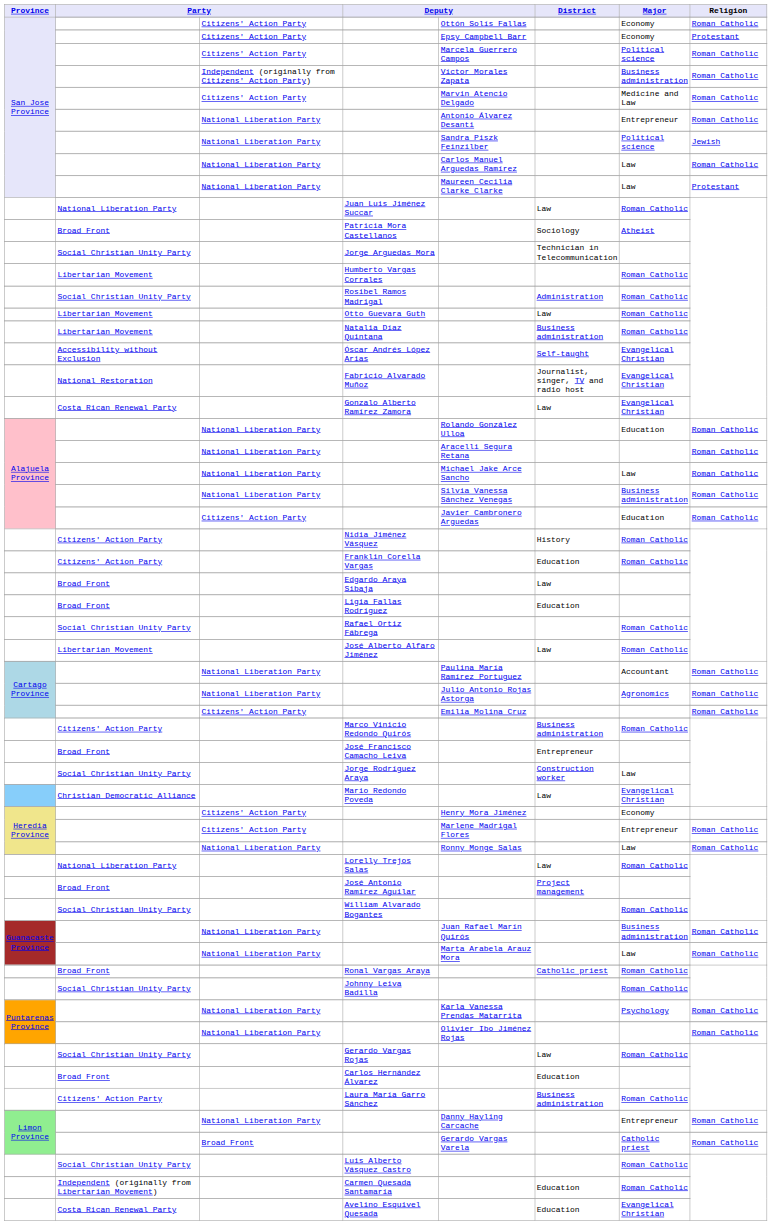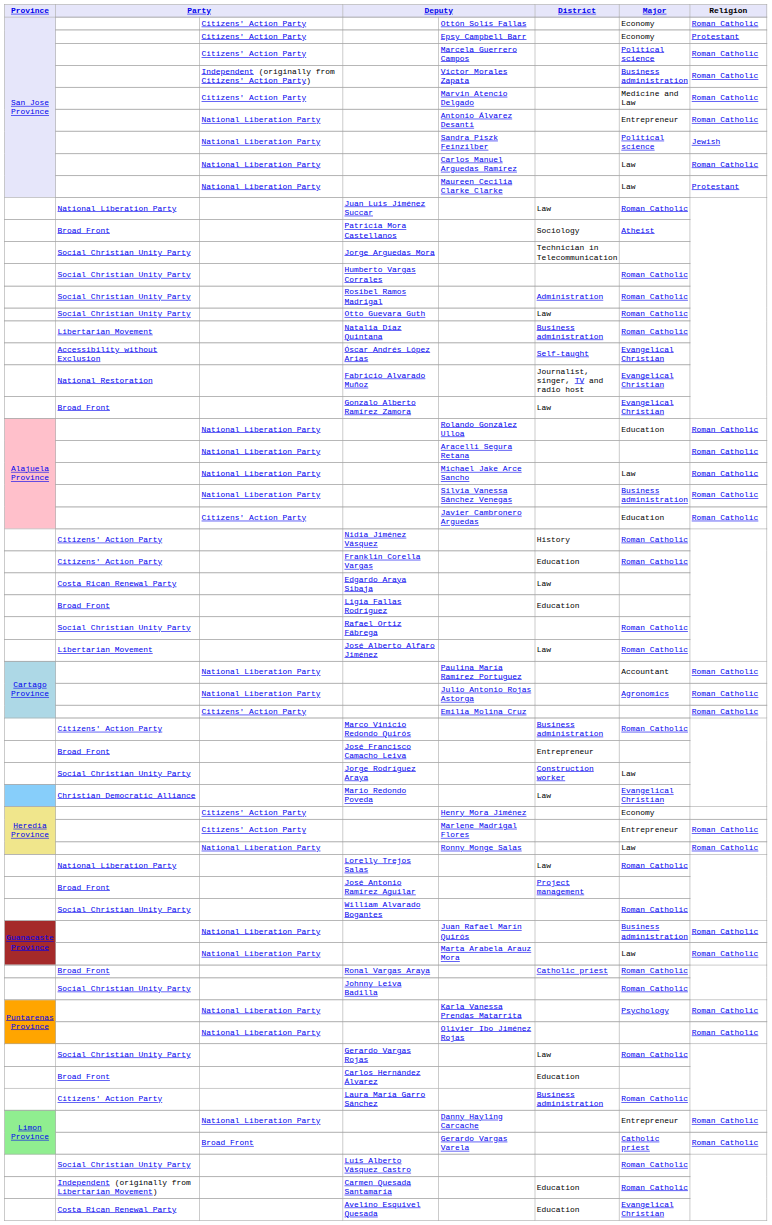 <table border="0" style="background:#ffffff" align="top" class="sortable wikitable">
 <tr>
 <th width="60 px" style="background:Lavender; color:Black"><a href='#'>Province</a></th>
 <th colspan="2"  width="60 px" style="background:Lavender; color:Black"><a href='#'>Party</a></th>
 <th colspan="2" width="60 px" style ="background:Lavender; color:Black"><a href='#'>Deputy</a></th>
 <th width="60 px" style="background:Lavender; color:Black"><a href='#'>District</a></th>
 <th width="100 px" style="background:Lavender; color:Black"><a href='#'>Major</a> </th>
 <th width="120 px" style="background:Lavender; color:Black">Religion</th>
 </tr>
 <tr style="background-color:Lavender">
 <td rowspan="20"  height="16" align="center"><a href='#'>San Jose Province</a><br> </td>
 </tr>
 <tr>
 </tr>
 <tr>
 <td style="background-color:"> </td>
 <td><a href='#'>Citizens' Action Party</a></td>
 <td></td>
 <td><a href='#'>Ottón Solís Fallas</a></td>
 <td></td>
 <td>Economy</td>
 <td><a href='#'>Roman Catholic</a></td>
 </tr>
 <tr>
 </tr>
 <tr>
 <td style="background-color:"> </td>
 <td><a href='#'>Citizens' Action Party</a></td>
 <td></td>
 <td><a href='#'>Epsy Campbell Barr</a></td>
 <td></td>
 <td>Economy</td>
 <td><a href='#'>Protestant</a></td>
 </tr>
 <tr>
 </tr>
 <tr>
 <td style="background-color:"> </td>
 <td><a href='#'>Citizens' Action Party</a></td>
 <td></td>
 <td><a href='#'>Marcela Guerrero Campos</a></td>
 <td></td>
 <td><a href='#'>Political science</a></td>
 <td><a href='#'>Roman Catholic</a></td>
 </tr>
 <tr>
 </tr>
 <tr>
 <td style="background-color:"> </td>
 <td><a href='#'>Independent</a> (originally from <a href='#'>Citizens' Action Party</a>)</td>
 <td></td>
 <td><a href='#'>Víctor Morales Zapata</a></td>
 <td></td>
 <td><a href='#'>Business administration</a></td>
 <td><a href='#'>Roman Catholic</a></td>
 </tr>
 <tr>
 </tr>
 <tr>
 <td style="background-color:"> </td>
 <td><a href='#'>Citizens' Action Party</a></td>
 <td></td>
 <td><a href='#'>Marvin Atencio Delgado</a></td>
 <td></td>
 <td>Medicine and Law</td>
 <td><a href='#'>Roman Catholic</a></td>
 </tr>
 <tr>
 </tr>
 <tr>
 <td style="background-color:"> </td>
 <td><a href='#'>National Liberation Party</a></td>
 <td></td>
 <td><a href='#'>Antonio Álvarez Desanti</a></td>
 <td></td>
 <td>Entrepreneur</td>
 <td><a href='#'>Roman Catholic</a></td>
 </tr>
 <tr>
 </tr>
 <tr>
 <td style="background-color:"> </td>
 <td><a href='#'>National Liberation Party</a></td>
 <td></td>
 <td><a href='#'>Sandra Piszk Feinzilber</a></td>
 <td></td>
 <td><a href='#'>Political science</a></td>
 <td><a href='#'>Jewish</a></td>
 </tr>
 <tr>
 </tr>
 <tr>
 <td style="background-color:"> </td>
 <td><a href='#'>National Liberation Party</a></td>
 <td></td>
 <td><a href='#'>Carlos Manuel Arguedas Ramírez</a></td>
 <td></td>
 <td>Law</td>
 <td><a href='#'>Roman Catholic</a></td>
 </tr>
 <tr>
 </tr>
 <tr>
 <td style="background-color:"> </td>
 <td><a href='#'>National Liberation Party</a></td>
 <td></td>
 <td><a href='#'>Maureen Cecilia Clarke Clarke</a></td>
 <td></td>
 <td>Law</td>
 <td><a href='#'>Protestant</a></td>
 </tr>
 <tr>
 </tr>
 <tr>
 <td style="background-color:"> </td>
 <td><a href='#'>National Liberation Party</a></td>
 <td></td>
 <td><a href='#'>Juan Luis Jiménez Succar</a></td>
 <td></td>
 <td>Law</td>
 <td><a href='#'>Roman Catholic</a></td>
 </tr>
 <tr>
 </tr>
 <tr>
 <td style="background-color:"> </td>
 <td><a href='#'>Broad Front</a></td>
 <td></td>
 <td><a href='#'>Patricia Mora Castellanos</a></td>
 <td></td>
 <td>Sociology</td>
 <td><a href='#'>Atheist</a></td>
 </tr>
 <tr>
 </tr>
 <tr>
 <td style="background-color:"> </td>
 <td><a href='#'>Social Christian Unity Party</a></td>
 <td></td>
 <td><a href='#'>Jorge Arguedas Mora</a></td>
 <td></td>
 <td>Technician in Telecommunication</td>
 <td></td>
 </tr>
 <tr>
 </tr>
 <tr>
 <td style="background-color:"> </td>
-<td><a href='#'>Libertarian Movement</a></td>
+<td><a href='#'>Social Christian Unity Party</a></td>
 <td></td>
 <td><a href='#'>Humberto Vargas Corrales</a></td>
 <td></td>
 <td></td>
 <td><a href='#'>Roman Catholic</a></td>
 </tr>
 <tr>
 </tr>
 <tr>
 <td style="background-color:"> </td>
 <td><a href='#'>Social Christian Unity Party</a></td>
 <td></td>
 <td><a href='#'>Rosibel Ramos Madrigal</a></td>
 <td></td>
 <td><a href='#'>Administration</a></td>
 <td><a href='#'>Roman Catholic</a></td>
 </tr>
 <tr>
 </tr>
 <tr>
 <td style="background-color:"> </td>
-<td><a href='#'>Libertarian Movement</a></td>
+<td><a href='#'>Social Christian Unity Party</a></td>
 <td></td>
 <td><a href='#'>Otto Guevara Guth</a></td>
 <td></td>
 <td>Law</td>
 <td><a href='#'>Roman Catholic</a></td>
 </tr>
 <tr>
 </tr>
 <tr>
 <td style="background-color:"> </td>
 <td><a href='#'>Libertarian Movement</a></td>
 <td></td>
 <td><a href='#'>Natalia Díaz Quintana</a></td>
 <td></td>
 <td><a href='#'>Business administration</a></td>
 <td><a href='#'>Roman Catholic</a></td>
 </tr>
 <tr>
 </tr>
 <tr>
 <td style="background-color:"> </td>
 <td><a href='#'>Accessibility without Exclusion</a></td>
 <td></td>
 <td><a href='#'>Óscar Andrés López Arias</a></td>
 <td></td>
 <td><a href='#'>Self-taught</a></td>
 <td><a href='#'>Evangelical Christian</a></td>
 </tr>
 <tr>
 </tr>
 <tr>
 <td style="background-color:"> </td>
 <td><a href='#'>National Restoration</a></td>
 <td></td>
 <td><a href='#'>Fabricio Alvarado Muñoz</a></td>
 <td></td>
 <td>Journalist, singer, <a href='#'>TV</a> and radio host</td>
 <td><a href='#'>Evangelical Christian</a></td>
 </tr>
 <tr>
 </tr>
 <tr>
 <td style="background-color:"> </td>
-<td><a href='#'>Costa Rican Renewal Party</a></td>
+<td><a href='#'>Broad Front</a></td>
 <td></td>
 <td><a href='#'>Gonzalo Alberto Ramírez Zamora</a></td>
 <td></td>
 <td>Law</td>
 <td><a href='#'>Evangelical Christian</a></td>
 </tr>
 <tr>
 </tr>
 <tr style="background-color:pink">
 <td rowspan="12"  height="15" align="center"><a href='#'>Alajuela Province</a><br></td>
 </tr>
 <tr>
 </tr>
 <tr>
 <td style="background-color:"> </td>
 <td><a href='#'>National Liberation Party</a></td>
 <td></td>
 <td><a href='#'>Rolando González Ulloa</a></td>
 <td></td>
 <td>Education</td>
 <td><a href='#'>Roman Catholic</a></td>
 </tr>
 <tr>
 </tr>
 <tr>
 <td style="background-color:"> </td>
 <td><a href='#'>National Liberation Party</a></td>
 <td></td>
 <td><a href='#'>Aracelli Segura Retana</a></td>
 <td></td>
 <td></td>
 <td><a href='#'>Roman Catholic</a></td>
 </tr>
 <tr>
 </tr>
 <tr>
 <td style="background-color:"> </td>
 <td><a href='#'>National Liberation Party</a></td>
 <td></td>
 <td><a href='#'>Michael Jake Arce Sancho</a></td>
 <td></td>
 <td>Law</td>
 <td><a href='#'>Roman Catholic</a></td>
 </tr>
 <tr>
 </tr>
 <tr>
 <td style="background-color:"> </td>
 <td><a href='#'>National Liberation Party</a></td>
 <td></td>
 <td><a href='#'>Silvia Vanessa Sánchez Venegas</a></td>
 <td></td>
 <td><a href='#'>Business administration</a></td>
 <td><a href='#'>Roman Catholic</a></td>
 </tr>
 <tr>
 </tr>
 <tr>
 <td style="background-color:"> </td>
 <td><a href='#'>Citizens' Action Party</a></td>
 <td></td>
 <td><a href='#'>Javier Cambronero Arguedas</a></td>
 <td></td>
 <td>Education</td>
 <td><a href='#'>Roman Catholic</a></td>
 </tr>
 <tr>
 </tr>
 <tr>
 <td style="background-color:"> </td>
 <td><a href='#'>Citizens' Action Party</a></td>
 <td></td>
 <td><a href='#'>Nidia Jiménez Vásquez</a></td>
 <td></td>
 <td>History</td>
 <td><a href='#'>Roman Catholic</a></td>
 </tr>
 <tr>
 </tr>
 <tr>
 <td style="background-color:"> </td>
 <td><a href='#'>Citizens' Action Party</a></td>
 <td></td>
 <td><a href='#'>Franklin Corella Vargas</a></td>
 <td></td>
 <td>Education</td>
 <td><a href='#'>Roman Catholic</a></td>
 </tr>
 <tr>
 </tr>
 <tr>
 <td style="background-color:"> </td>
-<td><a href='#'>Broad Front</a></td>
+<td><a href='#'>Costa Rican Renewal Party</a></td>
 <td></td>
 <td><a href='#'>Edgardo Araya Sibaja</a></td>
 <td></td>
 <td>Law</td>
 <td></td>
 </tr>
 <tr>
 </tr>
 <tr>
 <td style="background-color:"> </td>
 <td><a href='#'>Broad Front</a></td>
 <td></td>
 <td><a href='#'>Ligia Fallas Rodríguez</a></td>
 <td></td>
 <td>Education</td>
 <td></td>
 </tr>
 <tr>
 </tr>
 <tr>
 <td style="background-color:"> </td>
 <td><a href='#'>Social Christian Unity Party</a></td>
 <td></td>
 <td><a href='#'>Rafael Ortiz Fábrega</a></td>
 <td></td>
 <td></td>
 <td><a href='#'>Roman Catholic</a></td>
 </tr>
 <tr>
 </tr>
 <tr>
 <td style="background-color:"> </td>
 <td><a href='#'>Libertarian Movement</a></td>
 <td></td>
 <td><a href='#'>José Alberto Alfaro Jiménez</a></td>
 <td></td>
 <td>Law</td>
 <td><a href='#'>Roman Catholic</a></td>
 </tr>
 <tr>
 </tr>
 <tr style="background-color:lightblue">
 <td rowspan="8"  height="8" align="center"><a href='#'>Cartago Province</a><br></td>
 </tr>
 <tr>
 </tr>
 <tr>
 <td style="background-color:"> </td>
 <td><a href='#'>National Liberation Party</a></td>
 <td></td>
 <td><a href='#'>Paulina María Ramírez Portuguez</a></td>
 <td></td>
 <td>Accountant</td>
 <td><a href='#'>Roman Catholic</a></td>
 </tr>
 <tr>
 </tr>
 <tr>
 <td style="background-color:"> </td>
 <td><a href='#'>National Liberation Party</a></td>
 <td></td>
 <td><a href='#'>Julio Antonio Rojas Astorga</a></td>
 <td></td>
 <td><a href='#'>Agronomics</a></td>
 <td><a href='#'>Roman Catholic</a></td>
 </tr>
 <tr>
 </tr>
 <tr>
 <td style="background-color:"> </td>
 <td><a href='#'>Citizens' Action Party</a></td>
 <td></td>
 <td><a href='#'>Emilia Molina Cruz</a></td>
 <td></td>
 <td></td>
 <td><a href='#'>Roman Catholic</a></td>
 </tr>
 <tr>
 </tr>
 <tr>
 <td style="background-color:"> </td>
 <td><a href='#'>Citizens' Action Party</a></td>
 <td></td>
 <td><a href='#'>Marco Vinicio Redondo Quirós</a></td>
 <td></td>
 <td><a href='#'>Business administration</a></td>
 <td><a href='#'>Roman Catholic</a></td>
 </tr>
 <tr>
 </tr>
 <tr>
 <td style="background-color:"> </td>
 <td><a href='#'>Broad Front</a></td>
 <td></td>
 <td><a href='#'>José Francisco Camacho Leiva</a></td>
 <td></td>
 <td>Entrepreneur</td>
 <td></td>
 </tr>
 <tr>
 </tr>
 <tr>
 <td style="background-color:"> </td>
 <td><a href='#'>Social Christian Unity Party</a></td>
 <td></td>
 <td><a href='#'>Jorge Rodríguez Araya</a></td>
 <td></td>
 <td><a href='#'>Construction worker</a></td>
 <td>Law</td>
 </tr>
 <tr>
 </tr>
 <tr>
 <td style="background-color:#87CEFA"> </td>
 <td><a href='#'>Christian Democratic Alliance</a></td>
 <td></td>
 <td><a href='#'>Mario Redondo Poveda</a></td>
 <td></td>
 <td>Law</td>
 <td><a href='#'>Evangelical Christian</a></td>
 </tr>
 <tr>
 </tr>
 <tr style="background-color:#F0E68C">
 <td rowspan="7"  height="8" align="center"><a href='#'>Heredia Province</a><br></td>
 </tr>
 <tr>
 </tr>
 <tr>
 <td style="background-color:"> </td>
 <td><a href='#'>Citizens' Action Party</a></td>
 <td></td>
 <td><a href='#'>Henry Mora Jiménez</a></td>
 <td></td>
 <td>Economy</td>
 <td></td>
 </tr>
 <tr>
 </tr>
 <tr>
 <td style="background-color:"> </td>
 <td><a href='#'>Citizens' Action Party</a></td>
 <td></td>
 <td><a href='#'>Marlene Madrigal Flores</a></td>
 <td></td>
 <td>Entrepreneur</td>
 <td><a href='#'>Roman Catholic</a></td>
 </tr>
 <tr>
 </tr>
 <tr>
 <td style="background-color:"> </td>
 <td><a href='#'>National Liberation Party</a></td>
 <td></td>
 <td><a href='#'>Ronny Monge Salas</a></td>
 <td></td>
 <td>Law</td>
 <td><a href='#'>Roman Catholic</a></td>
 </tr>
 <tr>
 </tr>
 <tr>
 <td style="background-color:"> </td>
 <td><a href='#'>National Liberation Party</a></td>
 <td></td>
 <td><a href='#'>Lorelly Trejos Salas</a></td>
 <td></td>
 <td>Law</td>
 <td><a href='#'>Roman Catholic</a></td>
 </tr>
 <tr>
 </tr>
 <tr>
 <td style="background-color:"> </td>
 <td><a href='#'>Broad Front</a></td>
 <td></td>
 <td><a href='#'>José Antonio Ramírez Aguilar</a></td>
 <td></td>
 <td><a href='#'>Project management</a></td>
 <td></td>
 </tr>
 <tr>
 </tr>
 <tr>
 <td style="background-color:"> </td>
 <td><a href='#'>Social Christian Unity Party</a></td>
 <td></td>
 <td><a href='#'>William Alvarado Bogantes</a></td>
 <td></td>
 <td></td>
 <td><a href='#'>Roman Catholic</a></td>
 </tr>
 <tr>
 </tr>
 <tr style="background-color:brown">
 <td rowspan="5"  height="8" align="center"><a href='#'>Guanacaste Province</a><br></td>
 </tr>
 <tr>
 </tr>
 <tr>
 <td style="background-color:"> </td>
 <td><a href='#'>National Liberation Party</a></td>
 <td></td>
 <td><a href='#'>Juan Rafael Marín Quirós</a></td>
 <td></td>
 <td><a href='#'>Business administration</a></td>
 <td><a href='#'>Roman Catholic</a></td>
 </tr>
 <tr>
 </tr>
 <tr>
 <td style="background-color:"> </td>
 <td><a href='#'>National Liberation Party</a></td>
 <td></td>
 <td><a href='#'>Marta Arabela Arauz Mora</a></td>
 <td></td>
 <td>Law</td>
 <td><a href='#'>Roman Catholic</a></td>
 </tr>
 <tr>
 </tr>
 <tr>
 <td style="background-color:"> </td>
 <td><a href='#'>Broad Front</a></td>
 <td></td>
 <td><a href='#'>Ronal Vargas Araya</a></td>
 <td></td>
 <td><a href='#'>Catholic priest</a></td>
 <td><a href='#'>Roman Catholic</a></td>
 </tr>
 <tr>
 </tr>
 <tr>
 <td style="background-color:"> </td>
 <td><a href='#'>Social Christian Unity Party</a></td>
 <td></td>
 <td><a href='#'>Johnny Leiva Badilla</a></td>
 <td></td>
 <td></td>
 <td><a href='#'>Roman Catholic</a></td>
 </tr>
 <tr>
 </tr>
 <tr style="background-color:orange">
 <td rowspan="6"  height="8" align="center"><a href='#'>Puntarenas Province</a><br></td>
 </tr>
 <tr>
 </tr>
 <tr>
 <td style="background-color:"> </td>
 <td><a href='#'>National Liberation Party</a></td>
 <td></td>
 <td><a href='#'>Karla Vanessa Prendas Matarrita</a></td>
 <td></td>
 <td><a href='#'>Psychology</a></td>
 <td><a href='#'>Roman Catholic</a></td>
 </tr>
 <tr>
 </tr>
 <tr>
 <td style="background-color:"> </td>
 <td><a href='#'>National Liberation Party</a></td>
 <td></td>
 <td><a href='#'>Olivier Ibo Jiménez Rojas</a></td>
 <td></td>
 <td></td>
 <td><a href='#'>Roman Catholic</a></td>
 </tr>
 <tr>
 </tr>
 <tr>
 <td style="background-color:"> </td>
 <td><a href='#'>Social Christian Unity Party</a></td>
 <td></td>
 <td><a href='#'>Gerardo Vargas Rojas</a></td>
 <td></td>
 <td>Law</td>
 <td><a href='#'>Roman Catholic</a></td>
 </tr>
 <tr>
 </tr>
 <tr>
 <td style="background-color:"> </td>
 <td><a href='#'>Broad Front</a></td>
 <td></td>
 <td><a href='#'>Carlos Hernández Álvarez</a></td>
 <td></td>
 <td>Education</td>
 <td></td>
 </tr>
 <tr>
 <td style="background-color:"> </td>
 <td><a href='#'>Citizens' Action Party</a></td>
 <td></td>
 <td><a href='#'>Laura María Garro Sánchez</a></td>
 <td></td>
 <td><a href='#'>Business administration</a></td>
 <td><a href='#'>Roman Catholic</a></td>
 </tr>
 <tr>
 </tr>
 <tr style="background-color:lightgreen">
 <td rowspan="6"  height="8" align="center"><a href='#'>Limon Province</a><br></td>
 </tr>
 <tr>
 </tr>
 <tr>
 <td style="background-color:"> </td>
 <td><a href='#'>National Liberation Party</a></td>
 <td></td>
 <td><a href='#'>Danny Hayling Carcache</a></td>
 <td></td>
 <td>Entrepreneur</td>
 <td><a href='#'>Roman Catholic</a></td>
 </tr>
 <tr>
 </tr>
 <tr>
 <td style="background-color:"> </td>
 <td><a href='#'>Broad Front</a></td>
 <td></td>
 <td><a href='#'>Gerardo Vargas Varela</a></td>
 <td></td>
 <td><a href='#'>Catholic priest</a></td>
 <td><a href='#'>Roman Catholic</a></td>
 </tr>
 <tr>
 </tr>
 <tr>
 <td style="background-color:"> </td>
 <td><a href='#'>Social Christian Unity Party</a></td>
 <td></td>
 <td><a href='#'>Luis Alberto Vásquez Castro</a></td>
 <td></td>
 <td></td>
 <td><a href='#'>Roman Catholic</a></td>
 </tr>
 <tr>
 </tr>
 <tr>
 <td style="background-color:"> </td>
 <td><a href='#'>Independent</a> (originally from <a href='#'>Libertarian Movement</a>)</td>
 <td></td>
 <td><a href='#'>Carmen Quesada Santamaría</a></td>
 <td></td>
 <td>Education</td>
 <td><a href='#'>Roman Catholic</a></td>
 </tr>
 <tr>
 </tr>
 <tr>
 <td style="background-color:"> </td>
 <td><a href='#'>Costa Rican Renewal Party</a></td>
 <td></td>
 <td><a href='#'>Avelino Esquivel Quesada</a></td>
 <td></td>
 <td>Education</td>
 <td><a href='#'>Evangelical Christian</a></td>
 </tr>
 </table>
